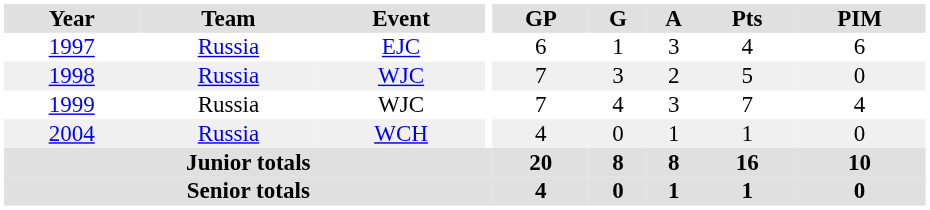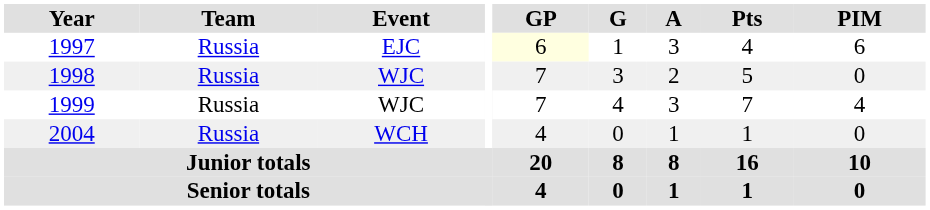 <table border="0" cellpadding="1" cellspacing="0" ID="Table3" style="text-align:center; width:40em">
 <tr bgcolor="#e0e0e0">
 <th>Year</th>
 <th>Team</th>
 <th>Event</th>
 <th rowspan="102" bgcolor="#ffffff"></th>
 <th>GP</th>
 <th>G</th>
 <th>A</th>
 <th>Pts</th>
 <th>PIM</th>
 </tr>
 <tr>
 <td><a href='#'>1997</a></td>
 <td><a href='#'>Russia</a></td>
 <td><a href='#'>EJC</a></td>
-<td>6</td>
+<td style="background: lightyellow;">6</td>
 <td>1</td>
 <td>3</td>
 <td>4</td>
 <td>6</td>
 </tr>
 <tr bgcolor="#f0f0f0">
 <td><a href='#'>1998</a></td>
 <td><a href='#'>Russia</a></td>
 <td><a href='#'>WJC</a></td>
 <td>7</td>
 <td>3</td>
 <td>2</td>
 <td>5</td>
 <td>0</td>
 </tr>
 <tr>
 <td><a href='#'>1999</a></td>
 <td>Russia</td>
 <td>WJC</td>
 <td>7</td>
 <td>4</td>
 <td>3</td>
 <td>7</td>
 <td>4</td>
 </tr>
 <tr bgcolor="#f0f0f0">
 <td><a href='#'>2004</a></td>
 <td><a href='#'>Russia</a></td>
 <td><a href='#'>WCH</a></td>
 <td>4</td>
 <td>0</td>
 <td>1</td>
 <td>1</td>
 <td>0</td>
 </tr>
 <tr bgcolor="#e0e0e0">
 <th colspan="4">Junior totals</th>
 <th>20</th>
 <th>8</th>
 <th>8</th>
 <th>16</th>
 <th>10</th>
 </tr>
 <tr bgcolor="#e0e0e0">
 <th colspan="4">Senior totals</th>
 <th>4</th>
 <th>0</th>
 <th>1</th>
 <th>1</th>
 <th>0</th>
 </tr>
 </table>
